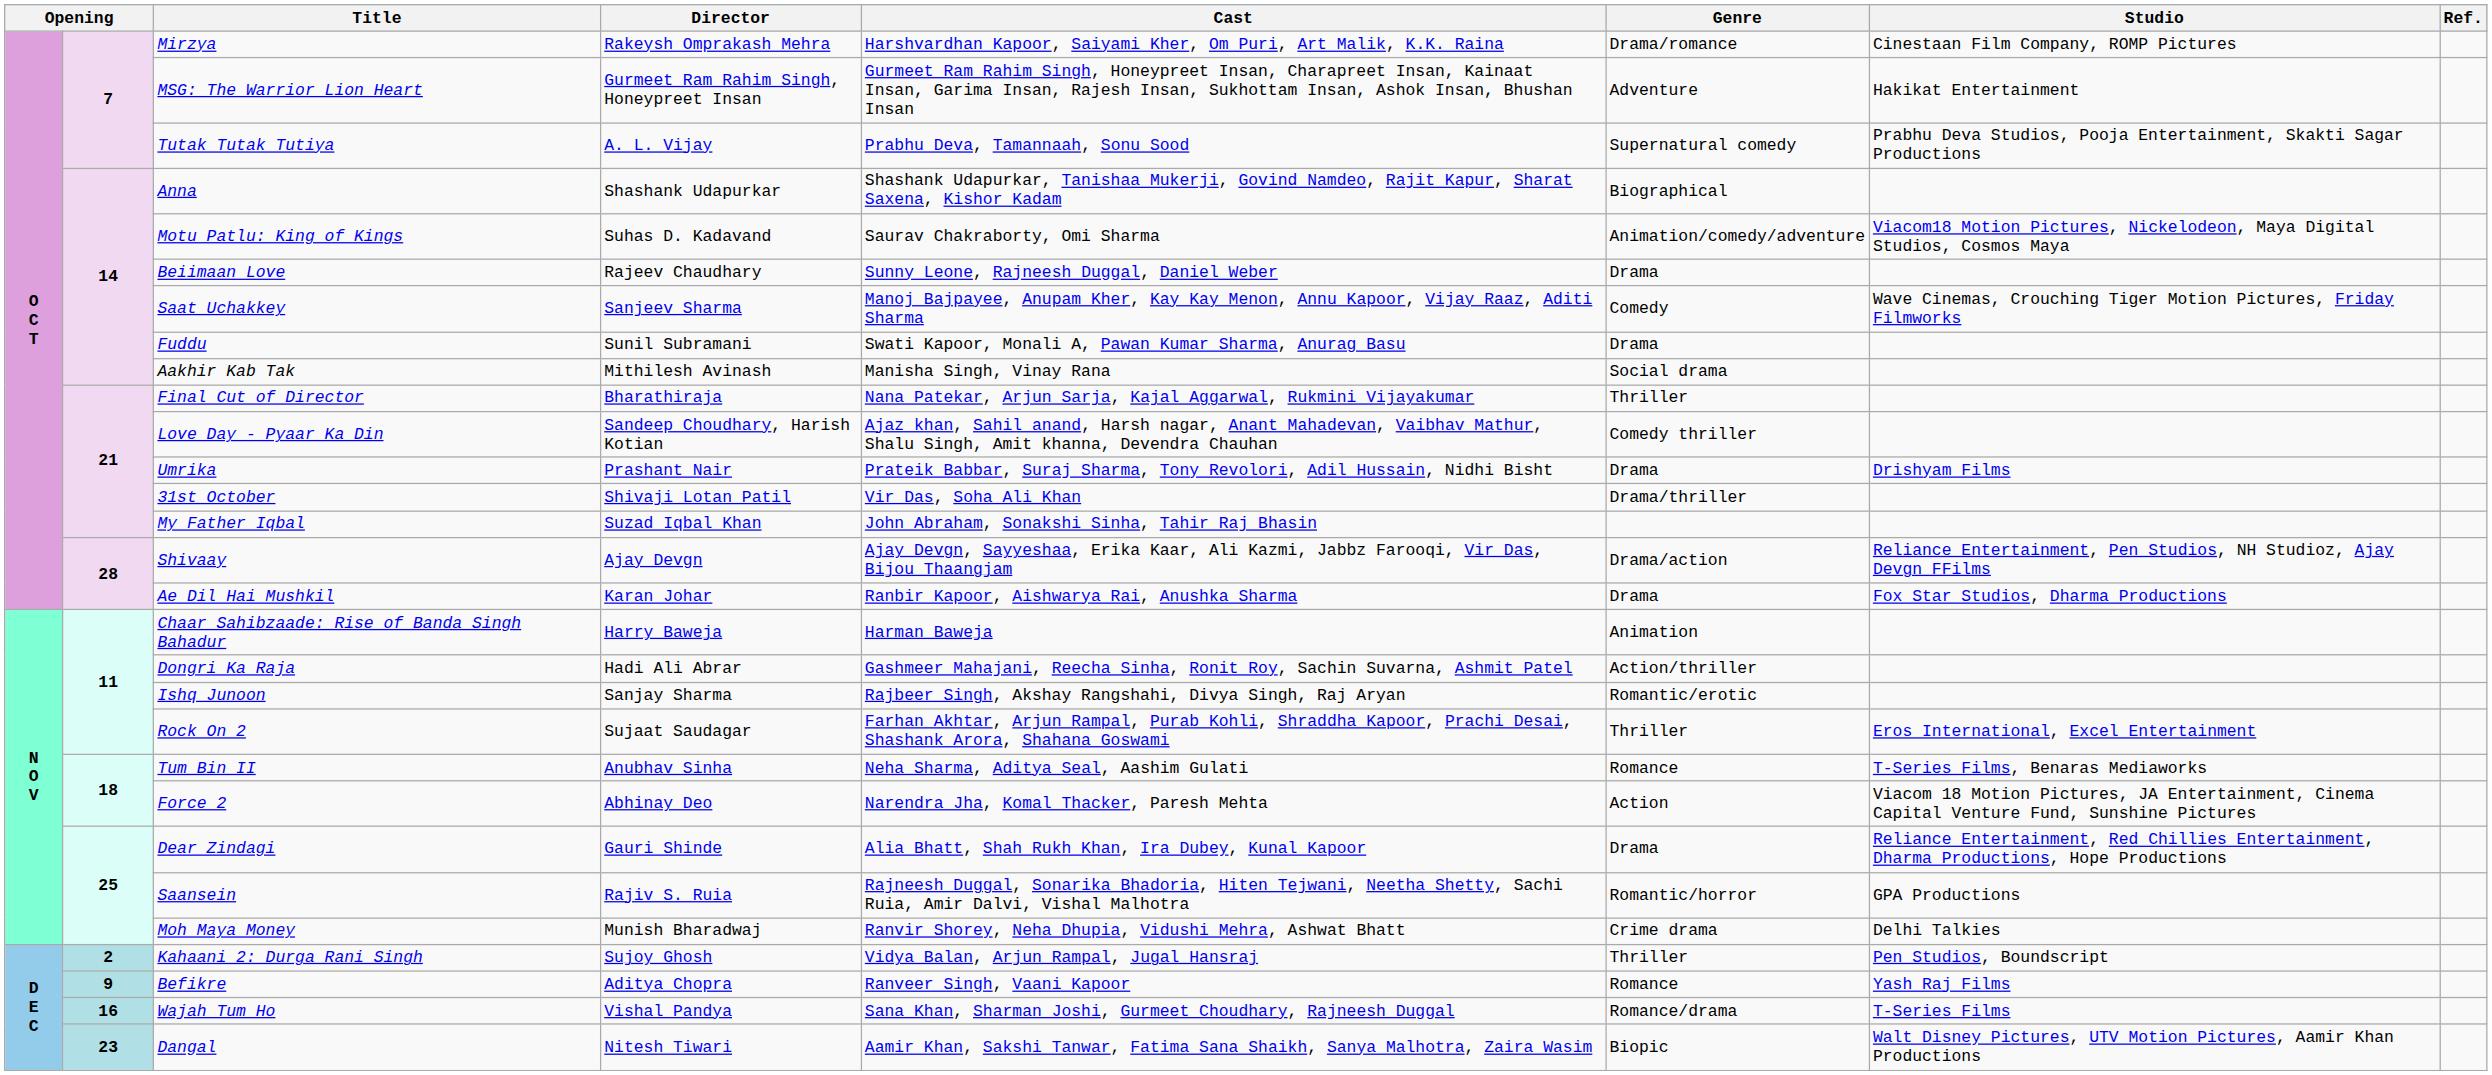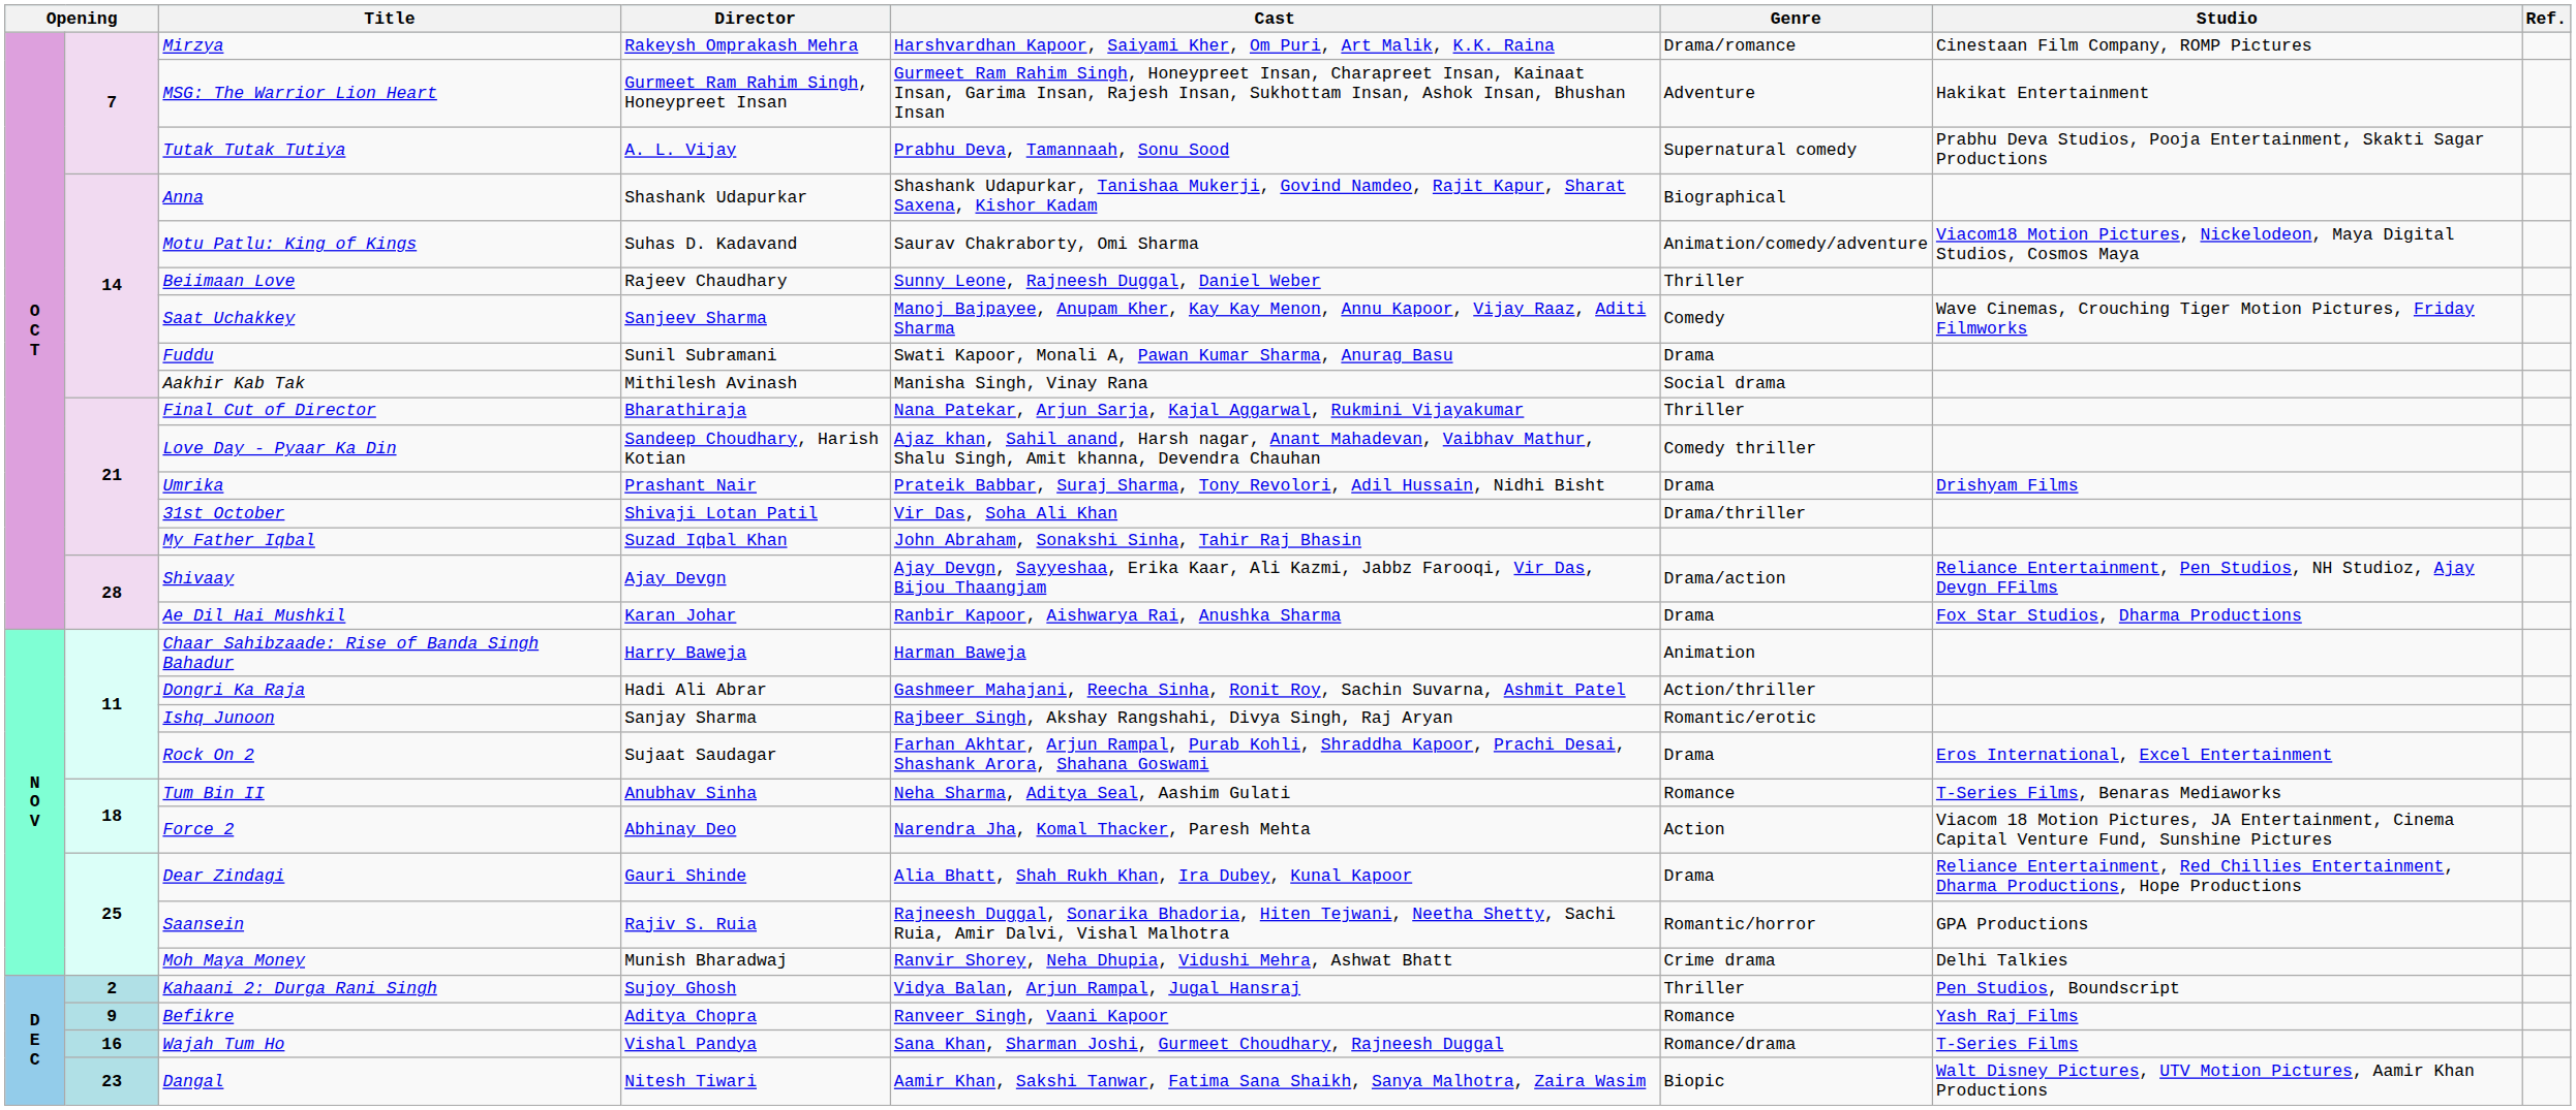 <table class="wikitable">
 <tr style="background:#b0e0e6; text-align:center;">
 <th colspan="2" style="width:6%;"><strong>Opening</strong></th>
 <th style="width:18%;"><strong>Title</strong></th>
 <th style="width:10.5%;"><strong>Director</strong></th>
 <th style="width:30%;"><strong>Cast</strong></th>
 <th style="width:10%;"><strong>Genre</strong></th>
 <th>Studio</th>
 <th>Ref.</th>
 </tr>
 <tr>
 <td rowspan="16" style="text-align:center; background:plum; textcolor:#000;"><strong>O<br>C<br>T</strong></td>
 <td rowspan="3" style="text-align:center;background:#f1daf1;"><strong>7</strong></td>
 <td><em><a href='#'>Mirzya</a></em></td>
 <td><a href='#'>Rakeysh Omprakash Mehra</a></td>
 <td><a href='#'>Harshvardhan Kapoor</a>, <a href='#'>Saiyami Kher</a>, <a href='#'>Om Puri</a>, <a href='#'>Art Malik</a>, <a href='#'>K.K. Raina</a></td>
 <td>Drama/romance</td>
 <td>Cinestaan Film Company, ROMP Pictures</td>
 <td></td>
 </tr>
 <tr>
 <td><em><a href='#'>MSG: The Warrior Lion Heart</a></em></td>
 <td><a href='#'>Gurmeet Ram Rahim Singh</a>, Honeypreet Insan</td>
 <td><a href='#'>Gurmeet Ram Rahim Singh</a>, Honeypreet Insan, Charapreet Insan, Kainaat Insan, Garima Insan, Rajesh Insan, Sukhottam Insan, Ashok Insan, Bhushan Insan</td>
 <td>Adventure</td>
 <td>Hakikat Entertainment</td>
 <td></td>
 </tr>
 <tr>
 <td><em><a href='#'>Tutak Tutak Tutiya</a></em></td>
 <td><a href='#'>A. L. Vijay</a></td>
 <td><a href='#'>Prabhu Deva</a>, <a href='#'>Tamannaah</a>, <a href='#'>Sonu Sood</a></td>
 <td>Supernatural comedy</td>
 <td>Prabhu Deva Studios, Pooja Entertainment, Skakti Sagar Productions</td>
 <td></td>
 </tr>
 <tr>
 <td rowspan="6" style="text-align:center;background:#f1daf1;"><strong>14</strong></td>
 <td><em><a href='#'>Anna</a> </em></td>
 <td>Shashank Udapurkar</td>
 <td>Shashank Udapurkar, <a href='#'>Tanishaa Mukerji</a>, <a href='#'>Govind Namdeo</a>, <a href='#'>Rajit Kapur</a>, <a href='#'>Sharat Saxena</a>, <a href='#'>Kishor Kadam</a></td>
 <td>Biographical</td>
 <td></td>
 <td></td>
 </tr>
 <tr>
 <td><em><a href='#'>Motu Patlu: King of Kings</a></em></td>
 <td>Suhas D. Kadavand</td>
 <td>Saurav Chakraborty, Omi Sharma</td>
 <td>Animation/comedy/adventure</td>
 <td><a href='#'>Viacom18 Motion Pictures</a>, <a href='#'>Nickelodeon</a>, Maya Digital Studios, Cosmos Maya</td>
 <td></td>
 </tr>
 <tr>
 <td><em><a href='#'>Beiimaan Love</a></em></td>
 <td>Rajeev Chaudhary</td>
 <td><a href='#'>Sunny Leone</a>, <a href='#'>Rajneesh Duggal</a>, <a href='#'>Daniel Weber</a></td>
-<td>Drama</td>
+<td>Thriller</td>
 <td></td>
 <td></td>
 </tr>
 <tr>
 <td><em><a href='#'>Saat Uchakkey</a></em></td>
 <td><a href='#'>Sanjeev Sharma</a></td>
 <td><a href='#'>Manoj Bajpayee</a>, <a href='#'>Anupam Kher</a>, <a href='#'>Kay Kay Menon</a>, <a href='#'>Annu Kapoor</a>, <a href='#'>Vijay Raaz</a>, <a href='#'>Aditi Sharma</a></td>
 <td>Comedy</td>
 <td>Wave Cinemas, Crouching Tiger Motion Pictures, <a href='#'>Friday Filmworks</a></td>
 <td></td>
 </tr>
 <tr>
 <td><em><a href='#'>Fuddu</a></em></td>
 <td>Sunil Subramani</td>
 <td>Swati Kapoor, Monali A, <a href='#'>Pawan Kumar Sharma</a>, <a href='#'>Anurag Basu</a></td>
 <td>Drama</td>
 <td></td>
 <td></td>
 </tr>
 <tr>
 <td><em>Aakhir Kab Tak</em></td>
 <td>Mithilesh Avinash</td>
 <td>Manisha Singh, Vinay Rana</td>
 <td>Social drama</td>
 <td></td>
 <td></td>
 </tr>
 <tr>
 <td rowspan="5" style="text-align:center;background:#f1daf1;"><strong>21</strong></td>
 <td><em><a href='#'>Final Cut of Director</a></em></td>
 <td><a href='#'>Bharathiraja</a></td>
 <td><a href='#'>Nana Patekar</a>, <a href='#'>Arjun Sarja</a>, <a href='#'>Kajal Aggarwal</a>, <a href='#'>Rukmini Vijayakumar</a></td>
 <td>Thriller</td>
 <td></td>
 <td></td>
 </tr>
 <tr>
 <td><em><a href='#'>Love Day - Pyaar Ka Din</a></em></td>
 <td><a href='#'>Sandeep Choudhary</a>, Harish Kotian</td>
 <td><a href='#'>Ajaz khan</a>, <a href='#'>Sahil anand</a>,  Harsh nagar, <a href='#'>Anant Mahadevan</a>, <a href='#'>Vaibhav Mathur</a>,  Shalu Singh,  Amit khanna, Devendra Chauhan</td>
 <td>Comedy thriller</td>
 <td></td>
 <td></td>
 </tr>
 <tr>
 <td><em><a href='#'>Umrika</a></em></td>
 <td><a href='#'>Prashant Nair</a></td>
 <td><a href='#'>Prateik Babbar</a>, <a href='#'>Suraj Sharma</a>, <a href='#'>Tony Revolori</a>, <a href='#'>Adil Hussain</a>, Nidhi Bisht</td>
 <td>Drama</td>
 <td><a href='#'>Drishyam Films</a></td>
 <td></td>
 </tr>
 <tr>
 <td><em><a href='#'>31st October</a></em></td>
 <td><a href='#'>Shivaji Lotan Patil</a></td>
 <td><a href='#'>Vir Das</a>, <a href='#'>Soha Ali Khan</a></td>
 <td>Drama/thriller</td>
 <td></td>
 <td></td>
 </tr>
 <tr>
 <td><em><a href='#'>My Father Iqbal</a></em></td>
 <td><a href='#'>Suzad Iqbal Khan</a></td>
 <td><a href='#'>John Abraham</a>, <a href='#'>Sonakshi Sinha</a>, <a href='#'>Tahir Raj Bhasin</a></td>
 <td></td>
 <td></td>
 <td></td>
 </tr>
 <tr>
 <td rowspan="2" style="text-align:center;background:#f1daf1;"><strong>28</strong></td>
 <td><em><a href='#'>Shivaay</a></em></td>
 <td><a href='#'>Ajay Devgn</a></td>
 <td><a href='#'>Ajay Devgn</a>, <a href='#'>Sayyeshaa</a>, Erika Kaar, Ali Kazmi, Jabbz Farooqi, <a href='#'>Vir Das</a>, <a href='#'>Bijou Thaangjam</a></td>
 <td>Drama/action</td>
 <td><a href='#'>Reliance Entertainment</a>, <a href='#'>Pen Studios</a>, NH Studioz, <a href='#'>Ajay Devgn FFilms</a></td>
 <td></td>
 </tr>
 <tr>
 <td><em><a href='#'>Ae Dil Hai Mushkil</a></em></td>
 <td><a href='#'>Karan Johar</a></td>
 <td><a href='#'>Ranbir Kapoor</a>, <a href='#'>Aishwarya Rai</a>, <a href='#'>Anushka Sharma</a></td>
 <td>Drama</td>
 <td><a href='#'>Fox Star Studios</a>, <a href='#'>Dharma Productions</a></td>
 <td></td>
 </tr>
 <tr>
 <td rowspan="9" style="text-align:center; background:#7FFFD4; textcolor:#000;"><strong>N<br>O<br>V</strong></td>
 <td rowspan="4" style="text-align:center;background:#dbfff8;"><strong>11</strong></td>
 <td><em><a href='#'>Chaar Sahibzaade: Rise of Banda Singh Bahadur</a></em></td>
 <td><a href='#'>Harry Baweja</a></td>
 <td><a href='#'>Harman Baweja</a></td>
 <td>Animation</td>
 <td></td>
 <td></td>
 </tr>
 <tr>
 <td><em><a href='#'>Dongri Ka Raja</a></em></td>
 <td>Hadi Ali Abrar</td>
 <td><a href='#'>Gashmeer Mahajani</a>, <a href='#'>Reecha Sinha</a>, <a href='#'>Ronit Roy</a>, Sachin Suvarna, <a href='#'>Ashmit Patel</a></td>
 <td>Action/thriller</td>
 <td></td>
 <td></td>
 </tr>
 <tr>
 <td><em><a href='#'>Ishq Junoon</a></em></td>
 <td>Sanjay Sharma</td>
 <td><a href='#'>Rajbeer Singh</a>, Akshay Rangshahi, Divya Singh, Raj Aryan</td>
 <td>Romantic/erotic</td>
 <td></td>
 <td></td>
 </tr>
 <tr>
 <td><em><a href='#'>Rock On 2</a></em></td>
 <td>Sujaat Saudagar</td>
 <td><a href='#'>Farhan Akhtar</a>, <a href='#'>Arjun Rampal</a>, <a href='#'>Purab Kohli</a>, <a href='#'>Shraddha Kapoor</a>, <a href='#'>Prachi Desai</a>, <a href='#'>Shashank Arora</a>, <a href='#'>Shahana Goswami</a></td>
-<td>Thriller</td>
+<td>Drama</td>
 <td><a href='#'>Eros International</a>, <a href='#'>Excel Entertainment</a></td>
 <td></td>
 </tr>
 <tr>
 <td rowspan="2" style="text-align:center;background:#dbfff8;"><strong>18</strong></td>
 <td><em><a href='#'>Tum Bin II</a></em></td>
 <td><a href='#'>Anubhav Sinha</a></td>
 <td><a href='#'>Neha Sharma</a>, <a href='#'>Aditya Seal</a>, Aashim Gulati</td>
 <td>Romance</td>
 <td><a href='#'>T-Series Films</a>, Benaras Mediaworks</td>
 <td></td>
 </tr>
 <tr>
 <td><em><a href='#'>Force 2</a></em></td>
 <td><a href='#'>Abhinay Deo</a></td>
 <td><a href='#'>Narendra Jha</a>, <a href='#'>Komal Thacker</a>, Paresh Mehta</td>
 <td>Action</td>
 <td>Viacom 18 Motion Pictures, JA Entertainment, Cinema Capital Venture Fund, Sunshine Pictures</td>
 <td></td>
 </tr>
 <tr>
 <td rowspan="3" style="text-align:center;background:#dbfff8;"><strong>25</strong></td>
 <td><em><a href='#'>Dear Zindagi</a></em></td>
 <td><a href='#'>Gauri Shinde</a></td>
 <td><a href='#'>Alia Bhatt</a>, <a href='#'>Shah Rukh Khan</a>, <a href='#'>Ira Dubey</a>, <a href='#'>Kunal Kapoor</a></td>
 <td>Drama</td>
 <td><a href='#'>Reliance Entertainment</a>, <a href='#'>Red Chillies Entertainment</a>, <a href='#'>Dharma Productions</a>, Hope Productions</td>
 <td></td>
 </tr>
 <tr>
 <td><em><a href='#'>Saansein</a></em></td>
 <td><a href='#'>Rajiv S. Ruia</a></td>
 <td><a href='#'>Rajneesh Duggal</a>, <a href='#'>Sonarika Bhadoria</a>, <a href='#'>Hiten Tejwani</a>, <a href='#'>Neetha Shetty</a>, Sachi Ruia, Amir Dalvi, Vishal Malhotra</td>
 <td>Romantic/horror</td>
 <td>GPA Productions</td>
 <td></td>
 </tr>
 <tr>
 <td><em><a href='#'>Moh Maya Money</a></em></td>
 <td>Munish Bharadwaj</td>
 <td><a href='#'>Ranvir Shorey</a>, <a href='#'>Neha Dhupia</a>, <a href='#'>Vidushi Mehra</a>, Ashwat Bhatt</td>
 <td>Crime drama</td>
 <td>Delhi Talkies</td>
 <td></td>
 </tr>
 <tr>
 <td rowspan="4" style="text-align:center; background:#93CCEA; textcolor:#000;"><strong>D<br>E<br>C</strong></td>
 <td rowspan="1" style="text-align:center;background:#B0E0E6;"><strong>2</strong></td>
 <td><em><a href='#'>Kahaani 2: Durga Rani Singh</a></em></td>
 <td><a href='#'>Sujoy Ghosh</a></td>
 <td><a href='#'>Vidya Balan</a>, <a href='#'>Arjun Rampal</a>, <a href='#'>Jugal Hansraj</a></td>
 <td>Thriller</td>
 <td><a href='#'>Pen Studios</a>, Boundscript</td>
 <td></td>
 </tr>
 <tr>
 <td rowspan="1" style="text-align:center;background:#B0E0E6;"><strong>9</strong></td>
 <td><em><a href='#'>Befikre</a></em></td>
 <td><a href='#'>Aditya Chopra</a></td>
 <td><a href='#'>Ranveer Singh</a>, <a href='#'>Vaani Kapoor</a></td>
 <td>Romance</td>
 <td><a href='#'>Yash Raj Films</a></td>
 <td></td>
 </tr>
 <tr>
 <td rowspan="1" style="text-align:center;background:#B0E0E6;"><strong>16</strong></td>
 <td><em><a href='#'>Wajah Tum Ho</a></em></td>
 <td><a href='#'>Vishal Pandya</a></td>
 <td><a href='#'>Sana Khan</a>, <a href='#'>Sharman Joshi</a>, <a href='#'>Gurmeet Choudhary</a>, <a href='#'>Rajneesh Duggal</a></td>
 <td>Romance/drama</td>
 <td><a href='#'>T-Series Films</a></td>
 <td></td>
 </tr>
 <tr>
 <td rowspan="1" style="text-align:center;background:#B0E0E6;"><strong>23</strong></td>
 <td><em><a href='#'>Dangal</a></em></td>
 <td><a href='#'>Nitesh Tiwari</a></td>
 <td><a href='#'>Aamir Khan</a>, <a href='#'>Sakshi Tanwar</a>, <a href='#'>Fatima Sana Shaikh</a>, <a href='#'>Sanya Malhotra</a>, <a href='#'>Zaira Wasim</a></td>
 <td>Biopic</td>
 <td><a href='#'>Walt Disney Pictures</a>, <a href='#'>UTV Motion Pictures</a>, Aamir Khan Productions</td>
 <td></td>
 </tr>
 </table>
